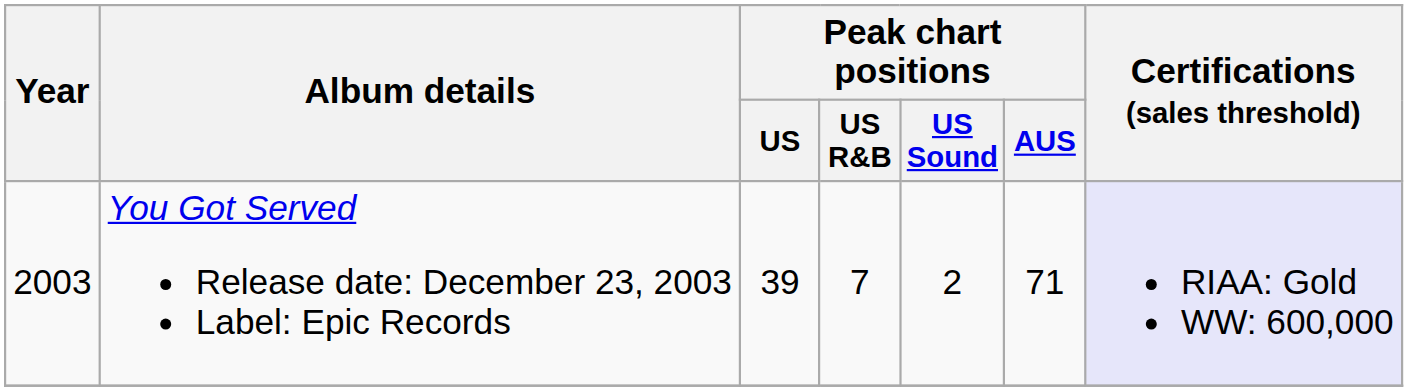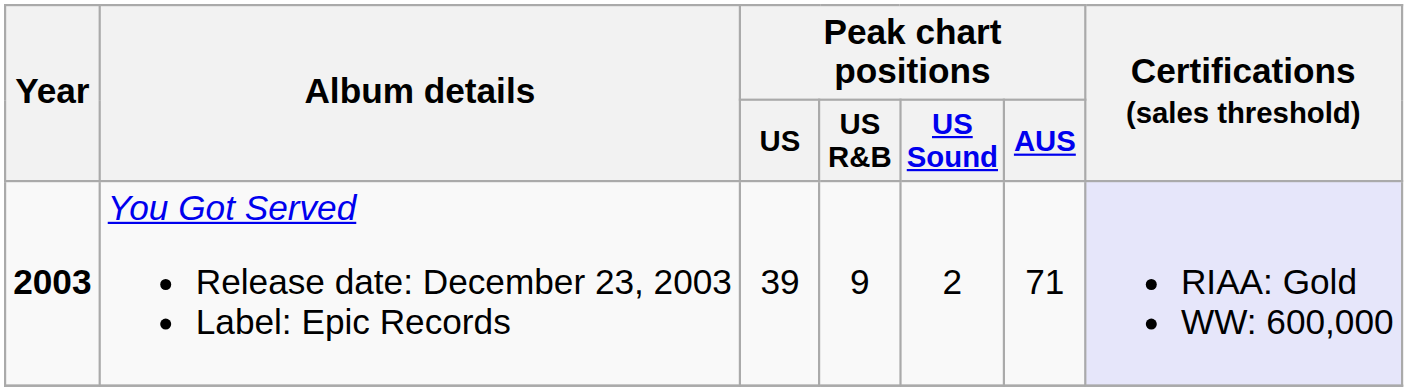 <table class="wikitable" style="text-align:center;">
 <tr>
 <th rowspan="2">Year</th>
 <th rowspan="2">Album details</th>
 <th colspan="4">Peak chart<br>positions</th>
 <th rowspan="2">Certifications<br><small>(sales threshold)</small></th>
 </tr>
 <tr style="font-size:smaller;">
 <th width="30">US<br></th>
 <th width="30">US R&B<br></th>
 <th width="30"><a href='#'>US Sound</a><br></th>
 <th width="30"><a href='#'>AUS</a><br></th>
 </tr>
 <tr>
-<td>2003</td>
+<td><strong>2003</strong></td>
 <td align="left"><em><a href='#'>You Got Served</a></em><br><ul><li>Release date: December 23, 2003</li><li>Label: Epic Records</li></ul></td>
 <td>39</td>
-<td>7</td>
+<td>9</td>
 <td>2</td>
 <td>71</td>
 <td align="left" style="background: lavender;"><br><ul><li>RIAA: Gold</li><li>WW: 600,000</li></ul></td>
 </tr>
 <tr>
 </tr>
 </table>
